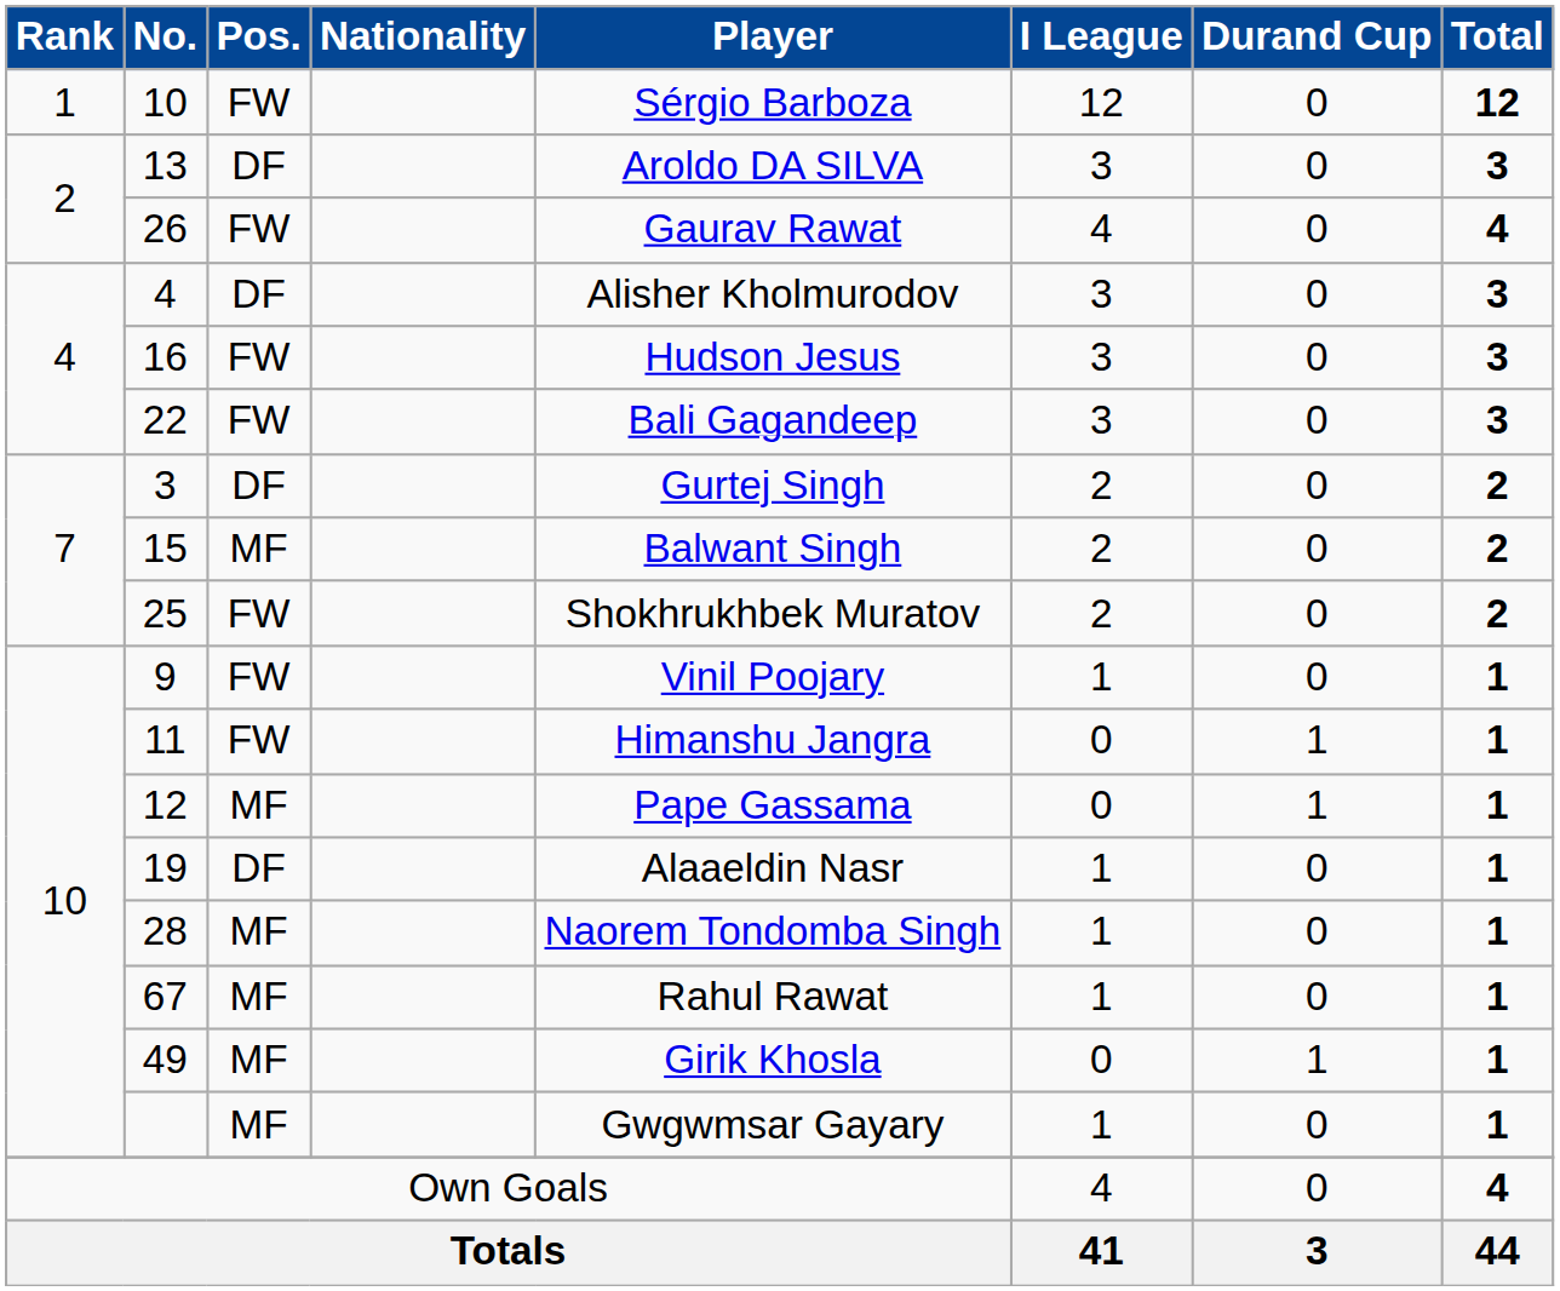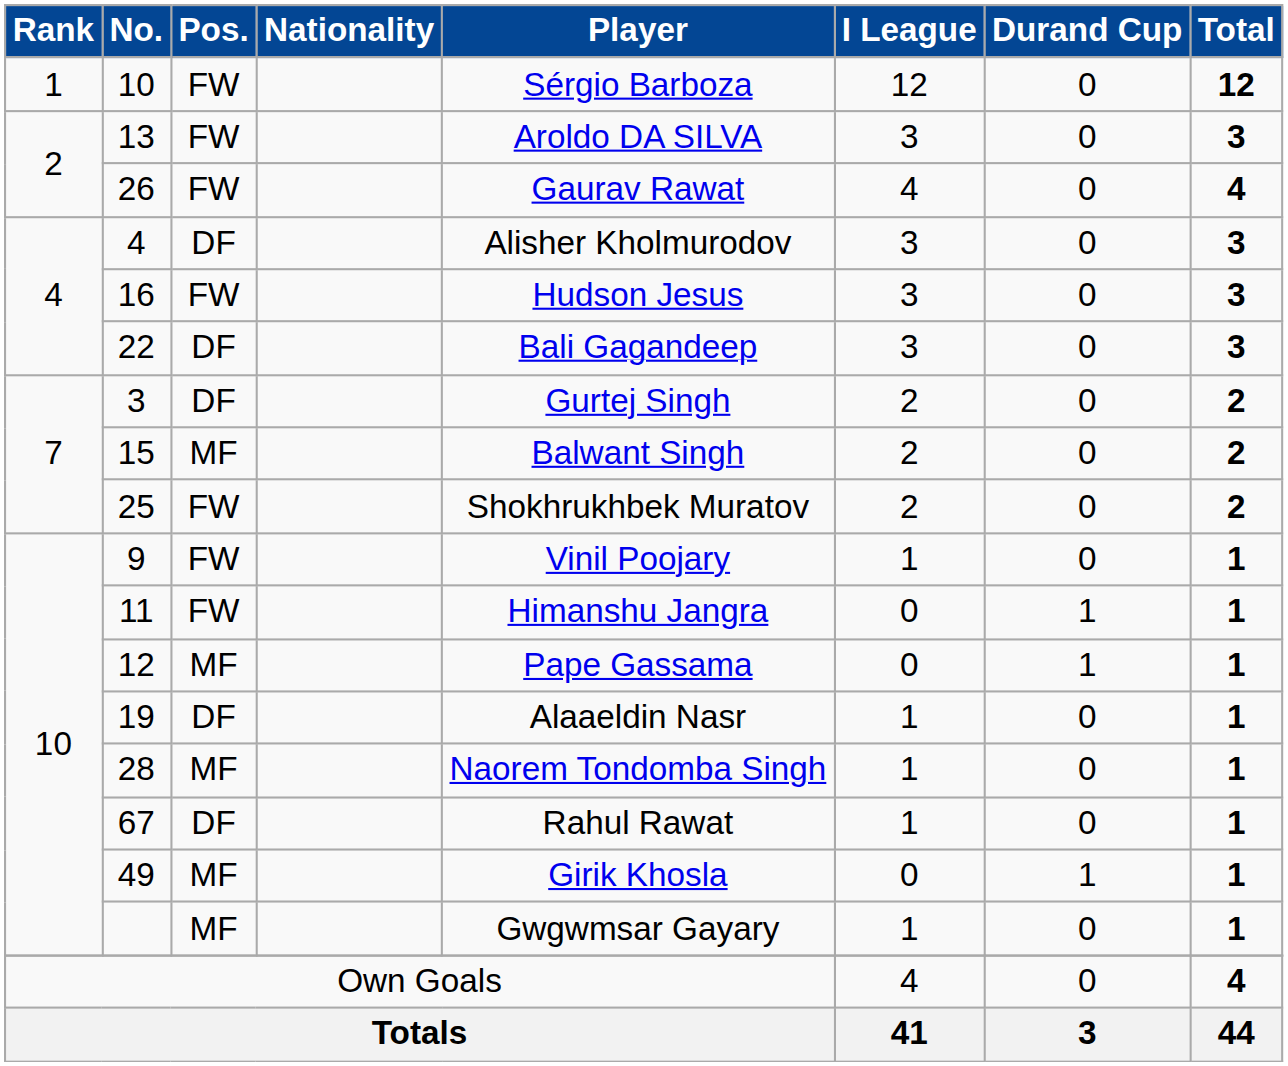 <table class="wikitable sortable" style="text-align:center">
 <tr>
 <th style=background-color:#034694;color:#FFFFFF>Rank</th>
 <th style=background-color:#034694;color:#FFFFFF>No.</th>
 <th style=background-color:#034694;color:#FFFFFF>Pos.</th>
 <th style=background-color:#034694;color:#FFFFFF>Nationality</th>
 <th style=background-color:#034694;color:#FFFFFF>Player</th>
 <th style=background-color:#034694;color:#FFFFFF>I League</th>
 <th style=background-color:#034694;color:#FFFFFF>Durand Cup</th>
 <th style=background-color:#034694;color:#FFFFFF>Total</th>
 </tr>
 <tr>
 <td rowspan="1">1</td>
 <td>10</td>
 <td>FW</td>
 <td></td>
 <td><a href='#'>Sérgio Barboza</a></td>
 <td>12</td>
 <td>0</td>
 <td><strong>12</strong></td>
 </tr>
 <tr>
 <td rowspan="2">2</td>
 <td>13</td>
-<td>DF</td>
+<td>FW</td>
 <td></td>
 <td><a href='#'>Aroldo DA SILVA</a></td>
 <td>3</td>
 <td>0</td>
 <td><strong>3</strong></td>
 </tr>
 <tr>
 <td>26</td>
 <td>FW</td>
 <td></td>
 <td><a href='#'>Gaurav Rawat</a></td>
 <td>4</td>
 <td>0</td>
 <td><strong>4</strong></td>
 </tr>
 <tr>
 <td rowspan="3">4</td>
 <td>4</td>
 <td>DF</td>
 <td></td>
 <td>Alisher Kholmurodov</td>
 <td>3</td>
 <td>0</td>
 <td><strong>3</strong></td>
 </tr>
 <tr>
 <td>16</td>
 <td>FW</td>
 <td></td>
 <td><a href='#'>Hudson Jesus</a></td>
 <td>3</td>
 <td>0</td>
 <td><strong>3</strong></td>
 </tr>
 <tr>
 <td>22</td>
-<td>FW</td>
+<td>DF</td>
 <td></td>
 <td><a href='#'>Bali Gagandeep</a></td>
 <td>3</td>
 <td>0</td>
 <td><strong>3</strong></td>
 </tr>
 <tr>
 <td rowspan="3">7</td>
 <td>3</td>
 <td>DF</td>
 <td></td>
 <td><a href='#'>Gurtej Singh</a></td>
 <td>2</td>
 <td>0</td>
 <td><strong>2</strong></td>
 </tr>
 <tr>
 <td>15</td>
 <td>MF</td>
 <td></td>
 <td><a href='#'>Balwant Singh</a></td>
 <td>2</td>
 <td>0</td>
 <td><strong>2</strong></td>
 </tr>
 <tr>
 <td>25</td>
 <td>FW</td>
 <td></td>
 <td>Shokhrukhbek Muratov</td>
 <td>2</td>
 <td>0</td>
 <td><strong>2</strong></td>
 </tr>
 <tr>
 <td rowspan="8">10</td>
 <td>9</td>
 <td>FW</td>
 <td></td>
 <td><a href='#'>Vinil Poojary</a></td>
 <td>1</td>
 <td>0</td>
 <td><strong>1</strong></td>
 </tr>
 <tr>
 <td>11</td>
 <td>FW</td>
 <td></td>
 <td><a href='#'>Himanshu Jangra</a></td>
 <td>0</td>
 <td>1</td>
 <td><strong>1</strong></td>
 </tr>
 <tr>
 <td>12</td>
 <td>MF</td>
 <td></td>
 <td><a href='#'>Pape Gassama</a></td>
 <td>0</td>
 <td>1</td>
 <td><strong>1</strong></td>
 </tr>
 <tr>
 <td>19</td>
 <td>DF</td>
 <td></td>
 <td>Alaaeldin Nasr</td>
 <td>1</td>
 <td>0</td>
 <td><strong>1</strong></td>
 </tr>
 <tr>
 <td>28</td>
 <td>MF</td>
 <td></td>
 <td><a href='#'>Naorem Tondomba Singh</a></td>
 <td>1</td>
 <td>0</td>
 <td><strong>1</strong></td>
 </tr>
 <tr>
 <td>67</td>
-<td>MF</td>
+<td>DF</td>
 <td></td>
 <td>Rahul Rawat</td>
 <td>1</td>
 <td>0</td>
 <td><strong>1</strong></td>
 </tr>
 <tr>
 <td>49</td>
 <td>MF</td>
 <td></td>
 <td><a href='#'>Girik Khosla</a></td>
 <td>0</td>
 <td>1</td>
 <td><strong>1</strong></td>
 </tr>
 <tr>
 <td></td>
 <td>MF</td>
 <td></td>
 <td>Gwgwmsar Gayary</td>
 <td>1</td>
 <td>0</td>
 <td><strong>1</strong></td>
 </tr>
 <tr>
 </tr>
 <tr class="sortbottom">
 <td colspan="5">Own Goals</td>
 <td>4</td>
 <td>0</td>
 <td><strong>4</strong></td>
 </tr>
 <tr>
 <th colspan="5"><strong>Totals</strong></th>
 <th><strong>41</strong></th>
 <th><strong>3</strong></th>
 <th><strong>44</strong></th>
 </tr>
 </table>
